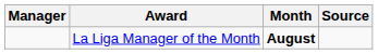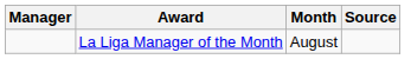 <table class="wikitable sortable" style="text-align:left; font-size:95%;">
 <tr>
 <th>Manager</th>
 <th>Award</th>
 <th>Month</th>
 <th>Source</th>
 </tr>
 <tr>
 <td rowspan=6></td>
 <td rowspan=3 style="text-align:center;"><a href='#'>La Liga Manager of the Month</a></td>
-<td align=center><strong>August</strong></td>
+<td align=center>August</td>
 <td align=center></td>
 </tr>
 </table>
